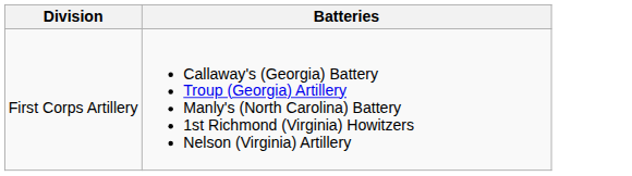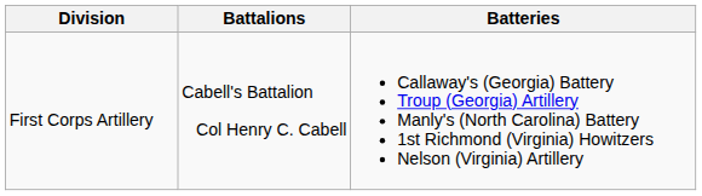 <table class="wikitable">
 <tr>
 <th width=25%>Division</th>
+<th width=25%>Battalions</th>
 <th>Batteries</th>
 </tr>
 <tr>
 <td rowspan=1><br>First Corps Artillery</td>
+<td>Cabell's  Battalion<br><br>   Col Henry C. Cabell</td>
 <td><br><ul><li>Callaway's (Georgia) Battery</li><li><a href='#'>Troup (Georgia) Artillery</a></li><li>Manly's (North Carolina) Battery</li><li>1st Richmond (Virginia) Howitzers</li><li>Nelson (Virginia) Artillery</li></ul></td>
 </tr>
 </table>
